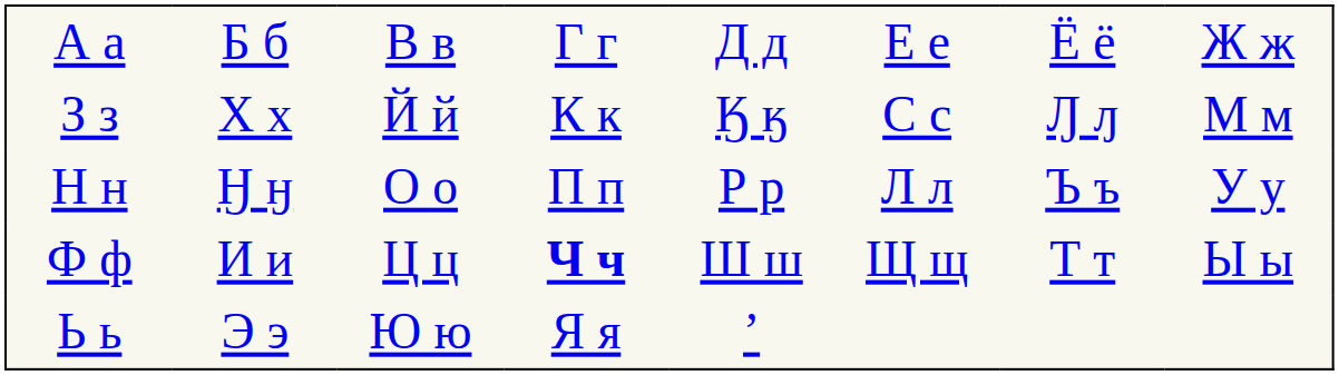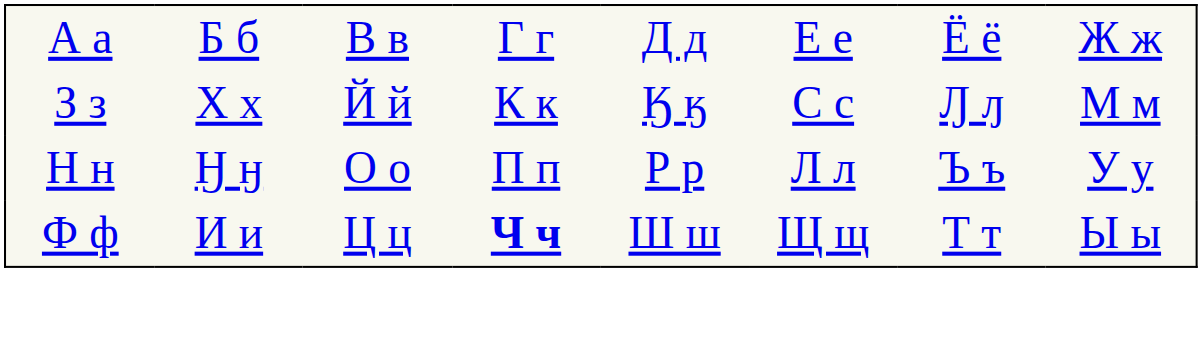 <table style="font-family:Arial Unicode MS; font-size:1.4em; border-color:#000000; border-width:1px; border-style:solid; border-collapse:collapse; background-color:#F8F8EF">
 <tr>
 <td style="width:3em; text-align:center; padding: 3px;"><a href='#'>А а</a></td>
 <td style="width:3em; text-align:center; padding: 3px;"><a href='#'>Б б</a></td>
 <td style="width:3em; text-align:center; padding: 3px;"><a href='#'>В в</a></td>
 <td style="width:3em; text-align:center; padding: 3px;"><a href='#'>Г г</a></td>
 <td style="width:3em; text-align:center; padding: 3px;"><a href='#'>Д д</a></td>
 <td style="width:3em; text-align:center; padding: 3px;"><a href='#'>Е е</a></td>
 <td style="width:3em; text-align:center; padding: 3px;"><a href='#'>Ё ё</a></td>
 <td style="width:3em; text-align:center; padding: 3px;"><a href='#'>Ж ж</a></td>
 </tr>
 <tr>
 <td style="width:3em; text-align:center; padding: 3px;"><a href='#'>З з</a></td>
 <td style="width:3em; text-align:center; padding: 3px;"><a href='#'>Х х</a></td>
 <td style="width:3em; text-align:center; padding: 3px;"><a href='#'>Й й</a></td>
 <td style="width:3em; text-align:center; padding: 3px;"><a href='#'>К к</a></td>
 <td style="width:3em; text-align:center; padding: 3px;"><a href='#'>Ӄ ӄ</a></td>
 <td style="width:3em; text-align:center; padding: 3px;"><a href='#'>С с</a></td>
 <td style="width:3em; text-align:center; padding: 3px;"><a href='#'>Ԓ ԓ</a></td>
 <td style="width:3em; text-align:center; padding: 3px;"><a href='#'>М м</a></td>
 </tr>
 <tr>
 <td style="width:3em; text-align:center; padding: 3px;"><a href='#'>Н н</a></td>
 <td style="width:3em; text-align:center; padding: 3px;"><a href='#'>Ӈ ӈ</a></td>
 <td style="width:3em; text-align:center; padding: 3px;"><a href='#'>О о</a></td>
 <td style="width:3em; text-align:center; padding: 3px;"><a href='#'>П п</a></td>
 <td style="width:3em; text-align:center; padding: 3px;"><a href='#'>Р р</a></td>
 <td style="width:3em; text-align:center; padding: 3px;"><a href='#'>Л л</a></td>
 <td style="width:3em; text-align:center; padding: 3px;"><a href='#'>Ъ ъ</a></td>
 <td style="width:3em; text-align:center; padding: 3px;"><a href='#'>У у</a></td>
 </tr>
 <tr>
 <td style="width:3em; text-align:center; padding: 3px;"><a href='#'>Ф ф</a></td>
 <td style="width:3em; text-align:center; padding: 3px;"><a href='#'>И и</a></td>
 <td style="width:3em; text-align:center; padding: 3px;"><a href='#'>Ц ц</a></td>
 <td style="width:3em; text-align:center; padding: 3px;"><strong><a href='#'>Ч ч</a></strong></td>
 <td style="width:3em; text-align:center; padding: 3px;"><a href='#'>Ш ш</a></td>
 <td style="width:3em; text-align:center; padding: 3px;"><a href='#'>Щ щ</a></td>
 <td style="width:3em; text-align:center; padding: 3px;"><a href='#'>Т т</a></td>
 <td style="width:3em; text-align:center; padding: 3px;"><a href='#'>Ы ы</a></td>
 </tr>
-<tr>
-<td style="width:3em; text-align:center; padding: 3px;"><a href='#'>Ь ь</a></td>
-<td style="width:3em; text-align:center; padding: 3px;"><a href='#'>Э э</a></td>
-<td style="width:3em; text-align:center; padding: 3px;"><a href='#'>Ю ю</a></td>
-<td style="width:3em; text-align:center; padding: 3px;"><a href='#'>Я я</a></td>
-<td style="width:3em; text-align:center; padding: 3px;"><a href='#'>ʼ</a></td>
-<td></td>
-<td></td>
-<td></td>
-</tr>
 </table>
